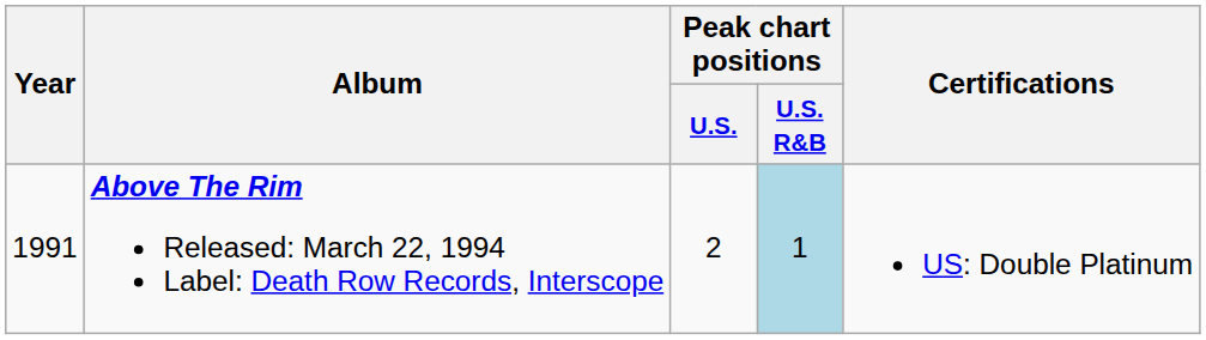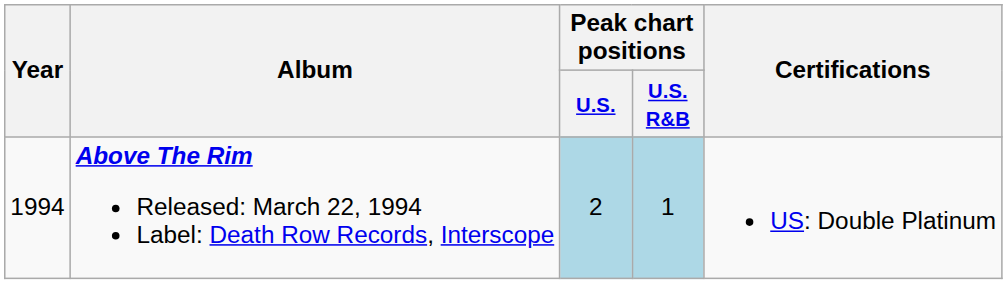 <table class="wikitable">
 <tr>
 <th rowspan="2">Year</th>
 <th rowspan="2">Album</th>
 <th colspan="2">Peak chart positions</th>
 <th rowspan="2">Certifications</th>
 </tr>
 <tr>
 <th width=40><small><a href='#'>U.S.</a></small></th>
 <th width=40><small><a href='#'>U.S. R&B</a></small></th>
 </tr>
 <tr>
-<td>1991</td>
+<td>1994</td>
 <td><strong><em><a href='#'>Above The Rim</a></em></strong><br><ul><li>Released: March 22, 1994</li><li>Label: <a href='#'>Death Row Records</a>, <a href='#'>Interscope</a></li></ul></td>
-<td style="text-align:center;">2</td>
+<td style="background: lightblue; text-align:center;">2</td>
 <td style="background: lightblue; text-align:center;">1</td>
 <td><br><ul><li><a href='#'>US</a>: Double Platinum</li></ul></td>
 </tr>
 </table>
